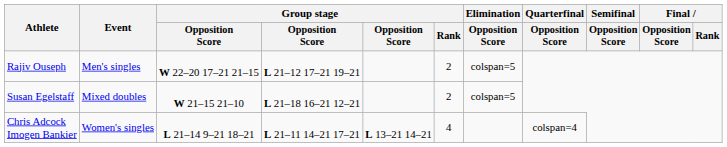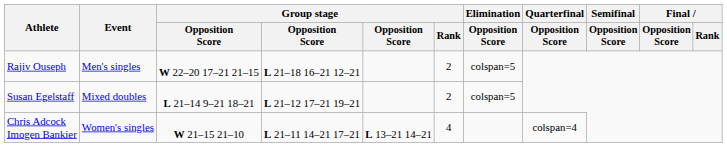 <table class="wikitable" style="text-align:center; font-size:90%">
 <tr>
 <th rowspan=2>Athlete</th>
 <th rowspan=2>Event</th>
 <th colspan=4>Group stage</th>
 <th>Elimination</th>
 <th>Quarterfinal</th>
 <th>Semifinal</th>
 <th colspan=2>Final / </th>
 </tr>
 <tr style="font-size:95%">
 <th>Opposition<br>Score</th>
 <th>Opposition<br>Score</th>
 <th>Opposition<br>Score</th>
 <th>Rank</th>
 <th>Opposition<br>Score</th>
 <th>Opposition<br>Score</th>
 <th>Opposition<br>Score</th>
 <th>Opposition<br>Score</th>
 <th>Rank</th>
 </tr>
 <tr>
 <td style="text-align:left;"><a href='#'>Rajiv Ouseph</a></td>
 <td style="text-align:left;"><a href='#'>Men's singles</a></td>
 <td><br><strong>W</strong> 22–20 17–21 21–15</td>
-<td><br><strong>L</strong> 21–12 17–21 19–21</td>
+<td><br><strong>L</strong> 21–18 16–21 12–21</td>
 <td></td>
 <td>2</td>
 <td>colspan=5 </td>
 </tr>
 <tr>
 <td style="text-align:left;"><a href='#'>Susan Egelstaff</a></td>
 <td style="text-align:left;"><a href='#'>Mixed doubles</a></td>
-<td><br><strong>W</strong> 21–15 21–10</td>
-<td><br><strong>L</strong> 21–18 16–21 12–21</td>
+<td><br><strong>L</strong> 21–14 9–21 18–21</td>
+<td><br><strong>L</strong> 21–12 17–21 19–21</td>
 <td></td>
 <td>2</td>
 <td>colspan=5 </td>
 </tr>
 <tr>
 <td style="text-align:left;"><a href='#'>Chris Adcock</a><br><a href='#'>Imogen Bankier</a></td>
 <td style="text-align:left;"><a href='#'>Women's singles</a></td>
-<td><br><strong>L</strong> 21–14 9–21 18–21</td>
+<td><br><strong>W</strong> 21–15 21–10</td>
 <td><br><strong>L</strong> 21–11 14–21 17–21</td>
 <td><br><strong>L</strong> 13–21 14–21</td>
 <td>4</td>
 <td></td>
 <td>colspan=4 </td>
 </tr>
 </table>
